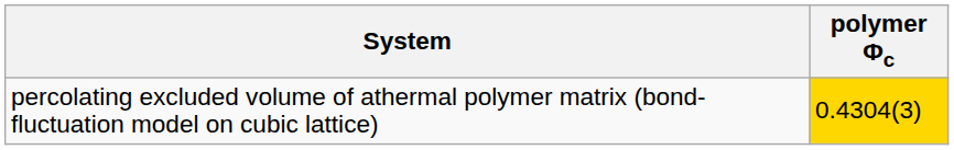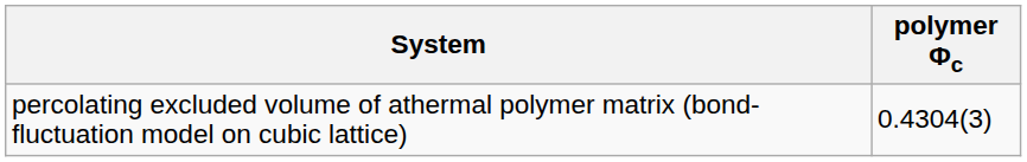 <table class="wikitable">
 <tr>
 <th>System</th>
 <th>polymer Φ<sub>c</sub></th>
 </tr>
 <tr>
 <td>percolating excluded volume of athermal polymer matrix (bond-fluctuation model on cubic lattice)</td>
-<td style="background: gold;">0.4304(3)</td>
+<td>0.4304(3)</td>
 </tr>
 </table>
